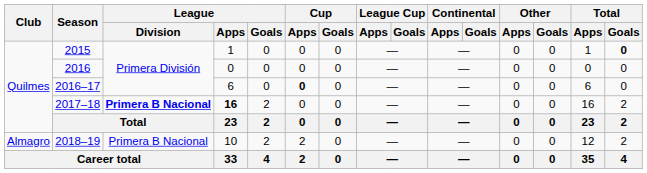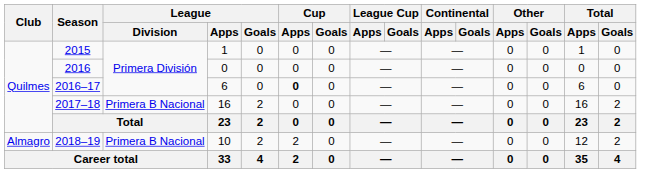 <table class="wikitable" style="text-align:center">
 <tr>
 <th rowspan="2">Club</th>
 <th rowspan="2">Season</th>
 <th colspan="3">League</th>
 <th colspan="2">Cup</th>
 <th colspan="2">League Cup</th>
 <th colspan="2">Continental</th>
 <th colspan="2">Other</th>
 <th colspan="2">Total</th>
 </tr>
 <tr>
 <th>Division</th>
 <th>Apps</th>
 <th>Goals</th>
 <th>Apps</th>
 <th>Goals</th>
 <th>Apps</th>
 <th>Goals</th>
 <th>Apps</th>
 <th>Goals</th>
 <th>Apps</th>
 <th>Goals</th>
 <th>Apps</th>
 <th>Goals</th>
 </tr>
 <tr>
 <td rowspan="5"><a href='#'>Quilmes</a></td>
 <td><a href='#'>2015</a></td>
 <td rowspan="3"><a href='#'>Primera División</a></td>
 <td>1</td>
 <td>0</td>
 <td>0</td>
 <td>0</td>
 <td colspan="2">—</td>
 <td colspan="2">—</td>
 <td>0</td>
 <td>0</td>
 <td>1</td>
-<td><strong>0</strong></td>
+<td>0</td>
 </tr>
 <tr>
 <td><a href='#'>2016</a></td>
 <td>0</td>
 <td>0</td>
 <td>0</td>
 <td>0</td>
 <td colspan="2">—</td>
 <td colspan="2">—</td>
 <td>0</td>
 <td>0</td>
 <td>0</td>
 <td>0</td>
 </tr>
 <tr>
 <td><a href='#'>2016–17</a></td>
 <td>6</td>
 <td>0</td>
 <td><strong>0</strong></td>
 <td>0</td>
 <td colspan="2">—</td>
 <td colspan="2">—</td>
 <td>0</td>
 <td>0</td>
 <td>6</td>
 <td>0</td>
 </tr>
 <tr>
 <td><a href='#'>2017–18</a></td>
-<td rowspan="1"><strong><a href='#'>Primera B Nacional</a></strong></td>
-<td><strong>16</strong></td>
+<td rowspan="1"><a href='#'>Primera B Nacional</a></td>
+<td>16</td>
 <td>2</td>
 <td>0</td>
 <td>0</td>
 <td colspan="2">—</td>
 <td colspan="2">—</td>
 <td>0</td>
 <td>0</td>
 <td>16</td>
 <td>2</td>
 </tr>
 <tr>
 <th colspan="2">Total</th>
 <th>23</th>
 <th>2</th>
 <th>0</th>
 <th>0</th>
 <th colspan="2">—</th>
 <th colspan="2">—</th>
 <th>0</th>
 <th>0</th>
 <th>23</th>
 <th>2</th>
 </tr>
 <tr>
 <td rowspan="1"><a href='#'>Almagro</a></td>
 <td><a href='#'>2018–19</a></td>
 <td rowspan="1"><a href='#'>Primera B Nacional</a></td>
 <td>10</td>
 <td>2</td>
 <td>2</td>
 <td>0</td>
 <td colspan="2">—</td>
 <td colspan="2">—</td>
 <td>0</td>
 <td>0</td>
 <td>12</td>
 <td>2</td>
 </tr>
 <tr>
 <th colspan="3">Career total</th>
 <th>33</th>
 <th>4</th>
 <th>2</th>
 <th>0</th>
 <th colspan="2">—</th>
 <th colspan="2">—</th>
 <th>0</th>
 <th>0</th>
 <th>35</th>
 <th>4</th>
 </tr>
 </table>
